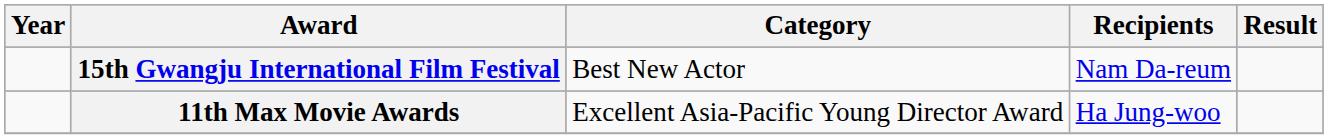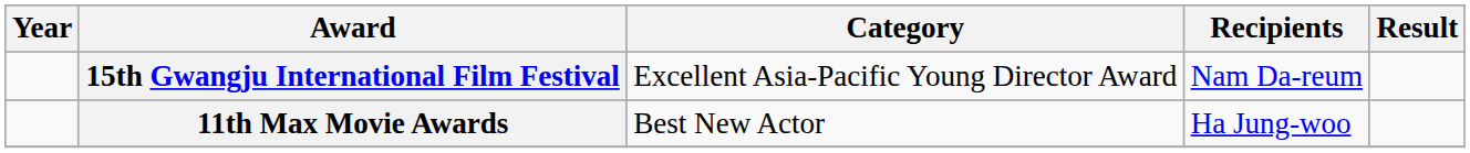 <table class="wikitable plainrowheaders sortable">
 <tr>
 <th scope="col">Year</th>
 <th scope="col">Award</th>
 <th scope="col">Category</th>
 <th scope="col">Recipients</th>
 <th scope="col">Result</th>
 </tr>
 <tr>
 <td></td>
 <th scope="row">15th <a href='#'>Gwangju International Film Festival</a></th>
-<td>Best New Actor</td>
+<td>Excellent Asia-Pacific Young Director Award</td>
 <td><a href='#'>Nam Da-reum</a></td>
 <td></td>
 </tr>
 <tr>
 <td></td>
 <th scope="row">11th Max Movie Awards</th>
-<td>Excellent Asia-Pacific Young Director Award</td>
+<td>Best New Actor</td>
 <td><a href='#'>Ha Jung-woo</a></td>
 <td></td>
 </tr>
 <tr>
 </tr>
 </table>
